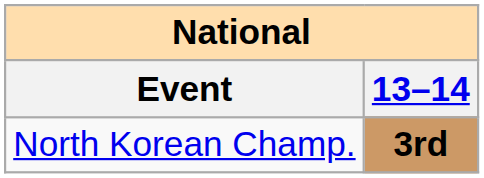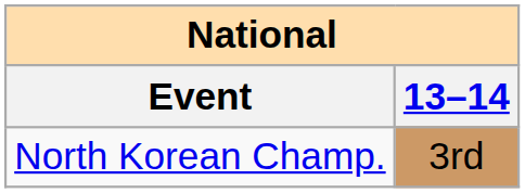 <table class="wikitable" style="text-align:center">
 <tr>
 <th style="background-color: #ffdead; " colspan=2 align=center>National</th>
 </tr>
 <tr>
 <th>Event</th>
 <th><a href='#'>13–14</a></th>
 </tr>
 <tr>
 <td align=left><a href='#'>North Korean Champ.</a></td>
-<td bgcolor=cc9966><strong>3rd</strong></td>
+<td bgcolor=cc9966>3rd</td>
 </tr>
 </table>
